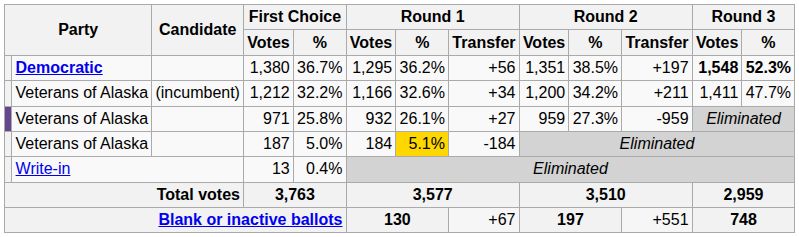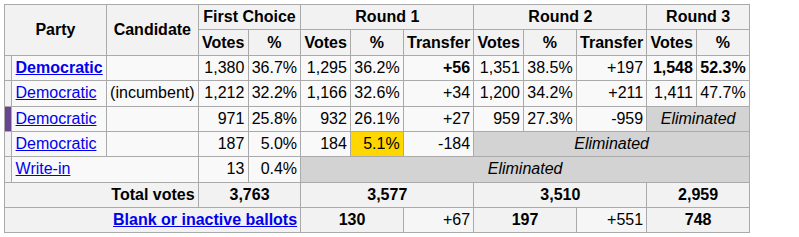 <table class="wikitable sortable" style="text-align:right">
 <tr>
 <th colspan=2 rowspan=2>Party</th>
 <th rowspan=2>Candidate</th>
 <th colspan=2>First Choice</th>
 <th colspan=3>Round 1</th>
 <th colspan=3>Round 2</th>
 <th colspan=3>Round 3</th>
 </tr>
 <tr>
 <th>Votes</th>
 <th>%</th>
 <th>Votes</th>
 <th>%</th>
 <th>Transfer</th>
 <th>Votes</th>
 <th>%</th>
 <th>Transfer</th>
 <th>Votes</th>
 <th>%</th>
 </tr>
 <tr>
 <th style="background-color:"></th>
 <td style="text-align:left"><strong><a href='#'>Democratic</a></strong></td>
 <td style="text-align:left" scope="row"><strong></strong></td>
 <td>1,380</td>
 <td>36.7%</td>
 <td>1,295</td>
 <td>36.2%</td>
-<td>+56</td>
+<td><strong>+56</strong></td>
 <td>1,351</td>
 <td>38.5%</td>
 <td>+197</td>
 <td><strong>1,548</strong></td>
 <td><strong>52.3%</strong></td>
 </tr>
 <tr>
 <th style="background-color:"></th>
-<td style="text-align:left">Veterans of Alaska</td>
+<td style="text-align:left"><a href='#'>Democratic</a></td>
 <td style="text-align:left" scope="row"> (incumbent)</td>
 <td>1,212</td>
 <td>32.2%</td>
 <td>1,166</td>
 <td>32.6%</td>
 <td>+34</td>
 <td>1,200</td>
 <td>34.2%</td>
 <td>+211</td>
 <td>1,411</td>
 <td>47.7%</td>
 </tr>
 <tr>
 <th style="background-color:#674690"></th>
-<td style="text-align:left">Veterans of Alaska</td>
+<td style="text-align:left"><a href='#'>Democratic</a></td>
 <td style="text-align:left" scope="row"></td>
 <td>971</td>
 <td>25.8%</td>
 <td>932</td>
 <td>26.1%</td>
 <td>+27</td>
 <td>959</td>
 <td>27.3%</td>
 <td>-959</td>
 <td colspan="2"  style="background:lightgrey; text-align:center;"><em>Eliminated</em></td>
 </tr>
 <tr>
 <th style="background-color:"></th>
-<td style="text-align:left">Veterans of Alaska</td>
+<td style="text-align:left"><a href='#'>Democratic</a></td>
 <td style="text-align:left" scope="row"></td>
 <td>187</td>
 <td>5.0%</td>
 <td>184</td>
 <td style="background: gold;">5.1%</td>
 <td>-184</td>
 <td colspan="5"  style="background:lightgrey; text-align:center;"><em>Eliminated</em></td>
 </tr>
 <tr>
 <th style="background-color:"></th>
 <td style="text-align:left" colspan=2><a href='#'>Write-in</a></td>
 <td>13</td>
 <td>0.4%</td>
 <td colspan="8"  style="background:lightgrey; text-align:center;"><em>Eliminated</em></td>
 </tr>
 <tr class="sortbottom" style="background-color:#F6F6F6">
 <th colspan=3 scope="row" style="text-align:right;"><strong>Total votes</strong></th>
 <th colspan=2><strong>3,763</strong></th>
 <th colspan=3><strong>3,577</strong></th>
 <th colspan=3><strong>3,510</strong></th>
 <th colspan=3><strong>2,959</strong></th>
 </tr>
 <tr class="sortbottom">
 </tr>
 <tr class="sortbottom" style="background-color:#F6F6F6">
 <th colspan=5 scope="row" style="text-align:right;"><a href='#'>Blank or inactive ballots</a></th>
 <th colspan=2>130</th>
 <td>+67</td>
 <th colspan=2>197</th>
 <td>+551</td>
 <th colspan=2>748</th>
 </tr>
 </table>
